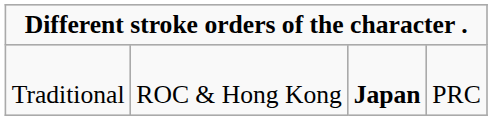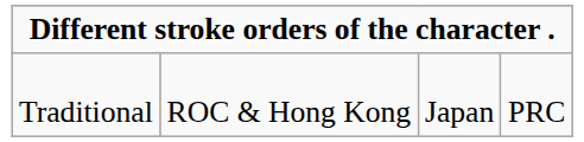 <table class="wikitable" style="margin-left: auto; margin-right: auto; border: 0;">
 <tr>
 <td colspan="4" style="text-align: center;"><strong>Different stroke orders of the character .</strong></td>
 </tr>
 <tr>
 <td style="text-align: center;"><br>Traditional</td>
 <td style="text-align: center;"><br>ROC & Hong Kong</td>
-<td style="text-align: center;"><strong><br>Japan</strong></td>
+<td style="text-align: center;"><br>Japan</td>
 <td style="text-align: center;"><br>PRC</td>
 </tr>
 </table>
